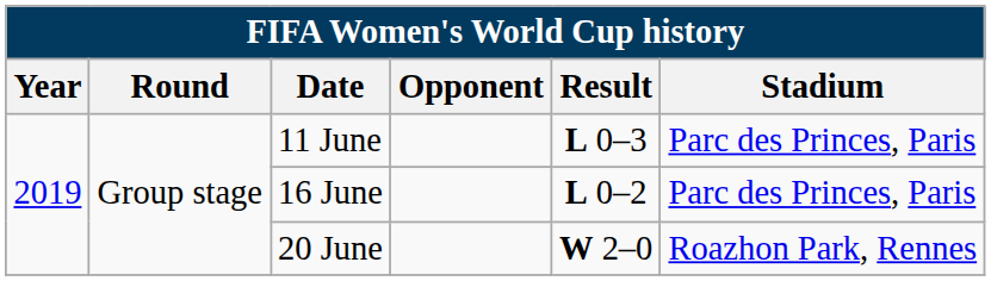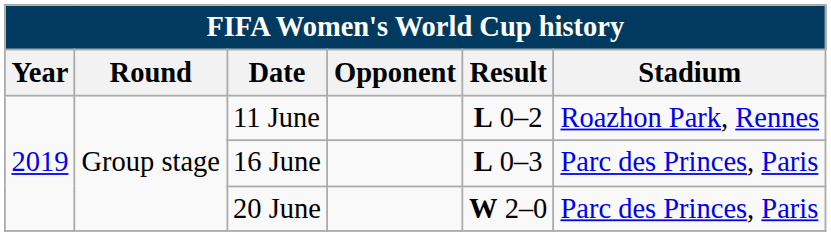 <table class="wikitable" style="text-align: center;font-size:100%;">
 <tr>
 <th colspan=6 style="background: #013A5E; color: #FFFFFF;">FIFA Women's World Cup history</th>
 </tr>
 <tr>
 <th>Year</th>
 <th>Round</th>
 <th>Date</th>
 <th>Opponent</th>
 <th>Result</th>
 <th>Stadium</th>
 </tr>
 <tr>
 <td rowspan=3> <a href='#'>2019</a></td>
 <td rowspan=3>Group stage</td>
 <td align="left">11 June</td>
 <td align="left"></td>
-<td><strong>L</strong> 0–3</td>
-<td align="left"><a href='#'>Parc des Princes</a>, <a href='#'>Paris</a></td>
+<td><strong>L</strong> 0–2</td>
+<td align="left"><a href='#'>Roazhon Park</a>, <a href='#'>Rennes</a></td>
 </tr>
 <tr>
 <td align="left">16 June</td>
 <td align="left"></td>
-<td><strong>L</strong> 0–2</td>
+<td><strong>L</strong> 0–3</td>
 <td align="left"><a href='#'>Parc des Princes</a>, <a href='#'>Paris</a></td>
 </tr>
 <tr>
 <td align="left">20 June</td>
 <td align="left"></td>
 <td><strong>W</strong> 2–0</td>
-<td align="left"><a href='#'>Roazhon Park</a>, <a href='#'>Rennes</a></td>
+<td align="left"><a href='#'>Parc des Princes</a>, <a href='#'>Paris</a></td>
 </tr>
 </table>
